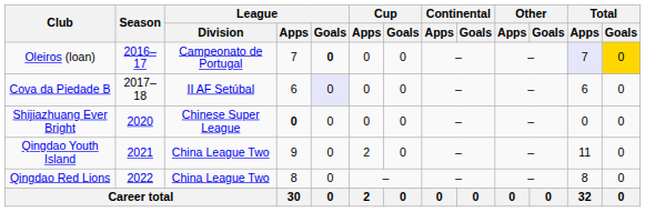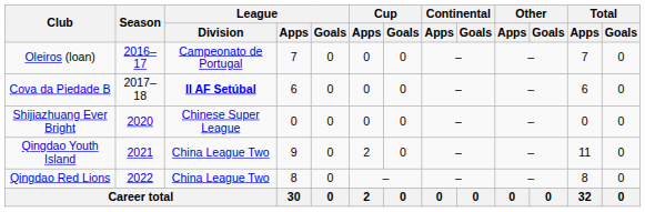 <table class="wikitable" style="text-align: center">
 <tr>
 <th rowspan="2">Club</th>
 <th rowspan="2">Season</th>
 <th colspan="3">League</th>
 <th colspan="2">Cup</th>
 <th colspan="2">Continental</th>
 <th colspan="2">Other</th>
 <th colspan="2">Total</th>
 </tr>
 <tr>
 <th>Division</th>
 <th>Apps</th>
 <th>Goals</th>
 <th>Apps</th>
 <th>Goals</th>
 <th>Apps</th>
 <th>Goals</th>
 <th>Apps</th>
 <th>Goals</th>
 <th>Apps</th>
 <th>Goals</th>
 </tr>
 <tr>
 <td><a href='#'>Oleiros</a> (loan)</td>
 <td><a href='#'>2016–17</a></td>
 <td><a href='#'>Campeonato de Portugal</a></td>
 <td>7</td>
-<td><strong>0</strong></td>
+<td>0</td>
 <td>0</td>
 <td>0</td>
 <td colspan="2">–</td>
 <td colspan="2">–</td>
-<td style="background: lavender;">7</td>
-<td style="background: gold;">0</td>
+<td>7</td>
+<td>0</td>
 </tr>
 <tr>
 <td><a href='#'>Cova da Piedade B</a></td>
 <td>2017–18</td>
-<td><a href='#'>II AF Setúbal</a></td>
+<td><strong><a href='#'>II AF Setúbal</a></strong></td>
 <td>6</td>
-<td style="background: lavender;">0</td>
+<td>0</td>
 <td>0</td>
 <td>0</td>
 <td colspan="2">–</td>
 <td colspan="2">–</td>
 <td>6</td>
 <td>0</td>
 </tr>
 <tr>
 <td><a href='#'>Shijiazhuang Ever Bright</a></td>
 <td><a href='#'>2020</a></td>
 <td><a href='#'>Chinese Super League</a></td>
-<td><strong>0</strong></td>
+<td>0</td>
 <td>0</td>
 <td>0</td>
 <td>0</td>
 <td colspan="2">–</td>
 <td colspan="2">–</td>
 <td>0</td>
 <td>0</td>
 </tr>
 <tr>
 <td><a href='#'>Qingdao Youth Island</a></td>
 <td><a href='#'>2021</a></td>
 <td><a href='#'>China League Two</a></td>
 <td>9</td>
 <td>0</td>
 <td>2</td>
 <td>0</td>
 <td colspan="2">–</td>
 <td colspan="2">–</td>
 <td>11</td>
 <td>0</td>
 </tr>
 <tr>
 <td><a href='#'>Qingdao Red Lions</a></td>
 <td><a href='#'>2022</a></td>
 <td><a href='#'>China League Two</a></td>
 <td>8</td>
 <td>0</td>
 <td colspan="2">–</td>
 <td colspan="2">–</td>
 <td colspan="2">–</td>
 <td>8</td>
 <td>0</td>
 </tr>
 <tr>
 <th colspan=3>Career total</th>
 <th>30</th>
 <th>0</th>
 <th>2</th>
 <th>0</th>
 <th>0</th>
 <th>0</th>
 <th>0</th>
 <th>0</th>
 <th>32</th>
 <th>0</th>
 </tr>
 </table>
